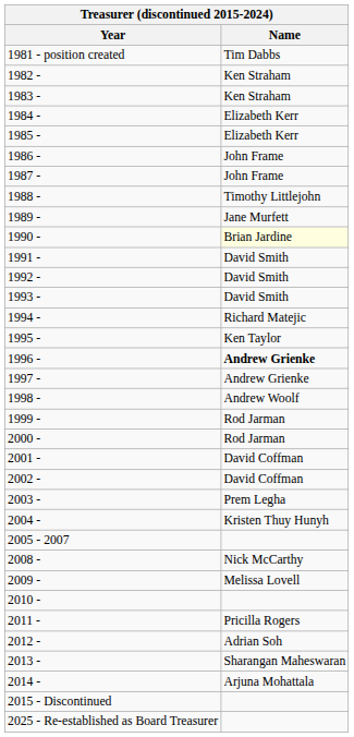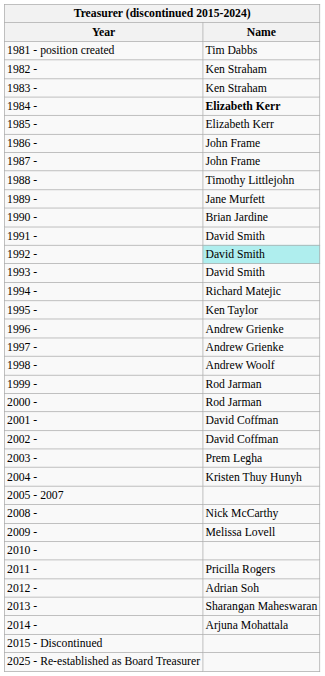 <table class="wikitable mw-collapsible mw-collapsed">
 <tr>
 <th colspan="4">Treasurer (discontinued 2015-2024)</th>
 </tr>
 <tr>
 <th>Year</th>
 <th>Name</th>
 </tr>
 <tr>
 <td>1981 - position created</td>
 <td>Tim Dabbs</td>
 </tr>
 <tr>
 <td>1982 -</td>
 <td>Ken Straham</td>
 </tr>
 <tr>
 <td>1983 -</td>
 <td>Ken Straham</td>
 </tr>
 <tr>
 <td>1984 -</td>
-<td>Elizabeth Kerr</td>
+<td><strong>Elizabeth Kerr</strong></td>
 </tr>
 <tr>
 <td>1985 -</td>
 <td>Elizabeth Kerr</td>
 </tr>
 <tr>
 <td>1986 -</td>
 <td>John Frame</td>
 </tr>
 <tr>
 <td>1987 -</td>
 <td>John Frame</td>
 </tr>
 <tr>
 <td>1988 -</td>
 <td>Timothy Littlejohn</td>
 </tr>
 <tr>
 <td>1989 -</td>
 <td>Jane Murfett</td>
 </tr>
 <tr>
 <td>1990 -</td>
-<td style="background: lightyellow;">Brian Jardine</td>
+<td>Brian Jardine</td>
 </tr>
 <tr>
 <td>1991 -</td>
 <td>David Smith</td>
 </tr>
 <tr>
 <td>1992 -</td>
-<td>David Smith</td>
+<td style="background: paleturquoise;">David Smith</td>
 </tr>
 <tr>
 <td>1993 -</td>
 <td>David Smith</td>
 </tr>
 <tr>
 <td>1994 -</td>
 <td>Richard Matejic</td>
 </tr>
 <tr>
 <td>1995 -</td>
 <td>Ken Taylor</td>
 </tr>
 <tr>
 <td>1996 -</td>
-<td><strong>Andrew Grienke</strong></td>
+<td>Andrew Grienke</td>
 </tr>
 <tr>
 <td>1997 -</td>
 <td>Andrew Grienke</td>
 </tr>
 <tr>
 <td>1998 -</td>
 <td>Andrew Woolf</td>
 </tr>
 <tr>
 <td>1999 -</td>
 <td>Rod Jarman</td>
 </tr>
 <tr>
 <td>2000 -</td>
 <td>Rod Jarman</td>
 </tr>
 <tr>
 <td>2001 -</td>
 <td>David Coffman</td>
 </tr>
 <tr>
 <td>2002 -</td>
 <td>David Coffman</td>
 </tr>
 <tr>
 <td>2003 -</td>
 <td>Prem Legha</td>
 </tr>
 <tr>
 <td>2004 -</td>
 <td>Kristen Thuy Hunyh</td>
 </tr>
 <tr>
 <td>2005 - 2007</td>
 <td></td>
 </tr>
 <tr>
 <td>2008 -</td>
 <td>Nick McCarthy</td>
 </tr>
 <tr>
 <td>2009 -</td>
 <td>Melissa Lovell</td>
 </tr>
 <tr>
 <td>2010 -</td>
 <td></td>
 </tr>
 <tr>
 <td>2011 -</td>
 <td>Pricilla Rogers</td>
 </tr>
 <tr>
 <td>2012 -</td>
 <td>Adrian Soh</td>
 </tr>
 <tr>
 <td>2013 -</td>
 <td>Sharangan Maheswaran</td>
 </tr>
 <tr>
 <td>2014 -</td>
 <td>Arjuna Mohattala</td>
 </tr>
 <tr>
 <td>2015 - Discontinued</td>
 </tr>
 <tr>
 <td>2025 - Re-established as Board Treasurer</td>
 <td></td>
 </tr>
 </table>
